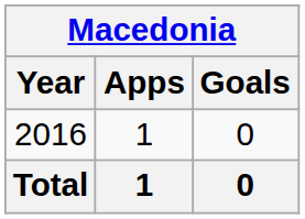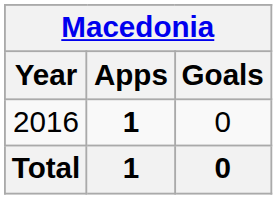 <table class="wikitable" style="text-align:center">
 <tr>
 <th colspan=3><a href='#'>Macedonia</a></th>
 </tr>
 <tr>
 <th>Year</th>
 <th>Apps</th>
 <th>Goals</th>
 </tr>
 <tr>
 <td>2016</td>
-<td>1</td>
+<td><strong>1</strong></td>
 <td>0</td>
 </tr>
 <tr>
 <th>Total</th>
 <th>1</th>
 <th>0</th>
 </tr>
 </table>
